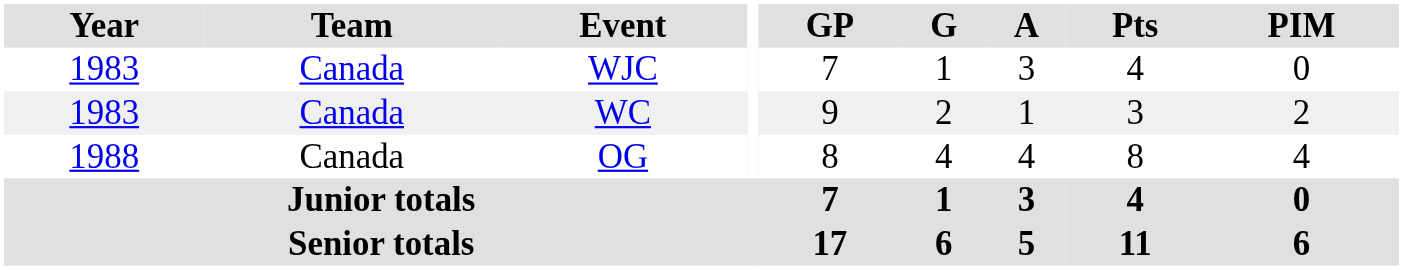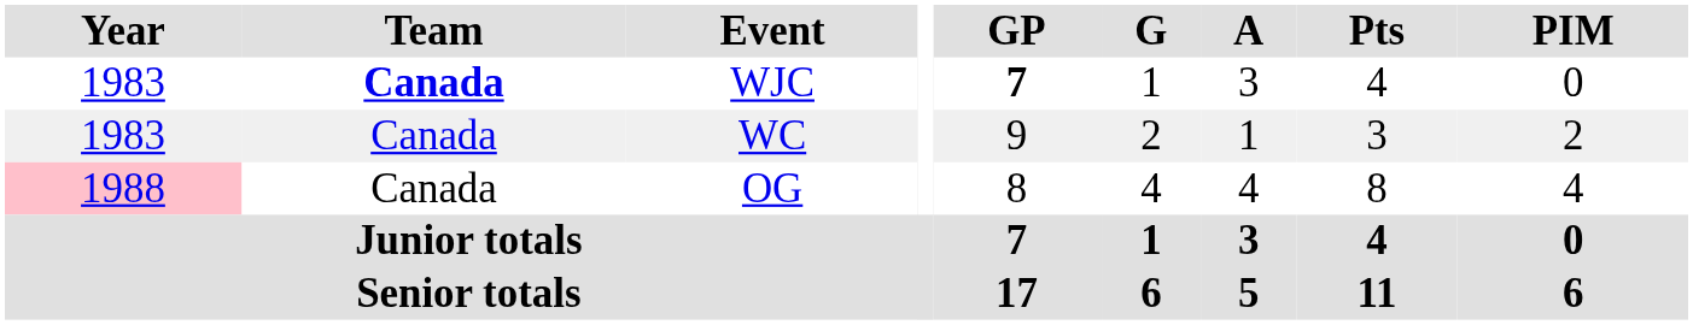 <table border="0" cellpadding="1" cellspacing="0" ID="Table3" style="text-align:center; width:40em">
 <tr bgcolor="#e0e0e0">
 <th>Year</th>
 <th>Team</th>
 <th>Event</th>
 <th rowspan="102" bgcolor="#ffffff"></th>
 <th>GP</th>
 <th>G</th>
 <th>A</th>
 <th>Pts</th>
 <th>PIM</th>
 </tr>
 <tr>
 <td><a href='#'>1983</a></td>
-<td><a href='#'>Canada</a></td>
+<td><strong><a href='#'>Canada</a></strong></td>
 <td><a href='#'>WJC</a></td>
-<td>7</td>
+<td><strong>7</strong></td>
 <td>1</td>
 <td>3</td>
 <td>4</td>
 <td>0</td>
 </tr>
 <tr bgcolor="#f0f0f0">
 <td><a href='#'>1983</a></td>
 <td><a href='#'>Canada</a></td>
 <td><a href='#'>WC</a></td>
 <td>9</td>
 <td>2</td>
 <td>1</td>
 <td>3</td>
 <td>2</td>
 </tr>
 <tr>
-<td><a href='#'>1988</a></td>
+<td style="background: pink;"><a href='#'>1988</a></td>
 <td>Canada</td>
 <td><a href='#'>OG</a></td>
 <td>8</td>
 <td>4</td>
 <td>4</td>
 <td>8</td>
 <td>4</td>
 </tr>
 <tr bgcolor="#e0e0e0">
 <th colspan="4">Junior totals</th>
 <th>7</th>
 <th>1</th>
 <th>3</th>
 <th>4</th>
 <th>0</th>
 </tr>
 <tr bgcolor="#e0e0e0">
 <th colspan="4">Senior totals</th>
 <th>17</th>
 <th>6</th>
 <th>5</th>
 <th>11</th>
 <th>6</th>
 </tr>
 </table>
